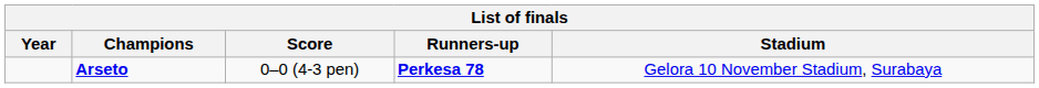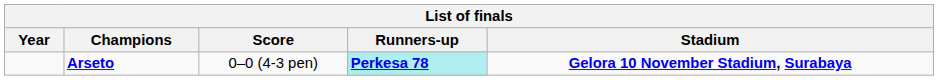 <table class="wikitable" style="width:1000px";>
 <tr>
 <th colspan="7">List of finals</th>
 </tr>
 <tr>
 <th>Year</th>
 <th>Champions</th>
 <th>Score</th>
 <th>Runners-up</th>
 <th>Stadium</th>
 </tr>
 <tr>
 <td align="center"></td>
 <td><strong><a href='#'>Arseto</a></strong></td>
 <td align="center">0–0 (4-3 pen)</td>
-<td><strong><a href='#'>Perkesa 78</a></strong></td>
-<td align="center"><a href='#'>Gelora 10 November Stadium</a>, <a href='#'>Surabaya</a></td>
+<td style="background: paleturquoise;"><strong><a href='#'>Perkesa 78</a></strong></td>
+<td align="center"><strong><a href='#'>Gelora 10 November Stadium</a>, <a href='#'>Surabaya</a></strong></td>
 </tr>
 </table>
